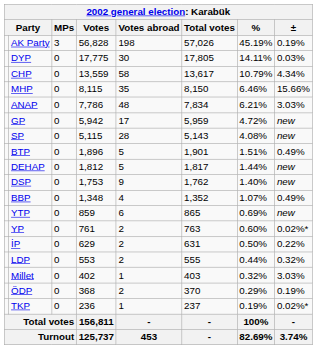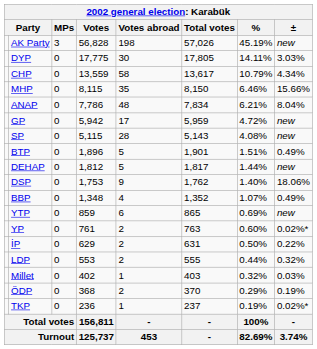 <table class="wikitable sortable">
 <tr>
 <th colspan="8"><a href='#'>2002 general election</a>: Karabük</th>
 </tr>
 <tr>
 <th colspan="2">Party</th>
 <th>MPs</th>
 <th>Votes</th>
 <th>Votes abroad</th>
 <th>Total votes</th>
 <th>%</th>
 <th>±</th>
 </tr>
 <tr>
 <td style="background:"></td>
 <td><a href='#'>AK Party</a></td>
 <td>3</td>
 <td>56,828</td>
 <td>198</td>
 <td>57,026</td>
 <td>45.19%</td>
-<td>0.19%</td>
+<td><em>new</em></td>
 </tr>
 <tr>
 <td style="background:"></td>
 <td><a href='#'>DYP</a></td>
 <td>0</td>
 <td>17,775</td>
 <td>30</td>
 <td>17,805</td>
 <td>14.11%</td>
-<td>0.03%</td>
+<td>3.03%</td>
 </tr>
 <tr>
 <td style="background:"></td>
 <td><a href='#'>CHP</a></td>
 <td>0</td>
 <td>13,559</td>
 <td>58</td>
 <td>13,617</td>
 <td>10.79%</td>
 <td>4.34%</td>
 </tr>
 <tr>
 <td style="background:"></td>
 <td><a href='#'>MHP</a></td>
 <td>0</td>
 <td>8,115</td>
 <td>35</td>
 <td>8,150</td>
 <td>6.46%</td>
 <td>15.66%</td>
 </tr>
 <tr>
 <td style="background:"></td>
 <td><a href='#'>ANAP</a></td>
 <td>0</td>
 <td>7,786</td>
 <td>48</td>
 <td>7,834</td>
 <td>6.21%</td>
-<td>3.03%</td>
+<td>8.04%</td>
 </tr>
 <tr>
 <td style="background:"></td>
 <td><a href='#'>GP</a></td>
 <td>0</td>
 <td>5,942</td>
 <td>17</td>
 <td>5,959</td>
 <td>4.72%</td>
 <td><em>new</em></td>
 </tr>
 <tr>
 <td style="background:"></td>
 <td><a href='#'>SP</a></td>
 <td>0</td>
 <td>5,115</td>
 <td>28</td>
 <td>5,143</td>
 <td>4.08%</td>
 <td><em>new</em></td>
 </tr>
 <tr>
 <td style="background:"></td>
 <td><a href='#'>BTP</a></td>
 <td>0</td>
 <td>1,896</td>
 <td>5</td>
 <td>1,901</td>
 <td>1.51%</td>
 <td>0.49%</td>
 </tr>
 <tr>
 <td style="background:"></td>
 <td><a href='#'>DEHAP</a></td>
 <td>0</td>
 <td>1,812</td>
 <td>5</td>
 <td>1,817</td>
 <td>1.44%</td>
 <td><em>new</em></td>
 </tr>
 <tr>
 <td style="background:"></td>
 <td><a href='#'>DSP</a></td>
 <td>0</td>
 <td>1,753</td>
 <td>9</td>
 <td>1,762</td>
 <td>1.40%</td>
-<td><em>new</em></td>
+<td>18.06%</td>
 </tr>
 <tr>
 <td style="background:"></td>
 <td><a href='#'>BBP</a></td>
 <td>0</td>
 <td>1,348</td>
 <td>4</td>
 <td>1,352</td>
 <td>1.07%</td>
 <td>0.49%</td>
 </tr>
 <tr>
 <td style="background:"></td>
 <td><a href='#'>YTP</a></td>
 <td>0</td>
 <td>859</td>
 <td>6</td>
 <td>865</td>
 <td>0.69%</td>
 <td><em>new</em></td>
 </tr>
 <tr>
 <td style="background:"></td>
 <td><a href='#'>YP</a></td>
 <td>0</td>
 <td>761</td>
 <td>2</td>
 <td>763</td>
 <td>0.60%</td>
 <td>0.02%*</td>
 </tr>
 <tr>
 <td style="background:"></td>
 <td><a href='#'>İP</a></td>
 <td>0</td>
 <td>629</td>
 <td>2</td>
 <td>631</td>
 <td>0.50%</td>
 <td>0.22%</td>
 </tr>
 <tr>
 <td style="background:"></td>
 <td><a href='#'>LDP</a></td>
 <td>0</td>
 <td>553</td>
 <td>2</td>
 <td>555</td>
 <td>0.44%</td>
 <td>0.32%</td>
 </tr>
 <tr>
 <td style="background:"></td>
 <td><a href='#'>Millet</a></td>
 <td>0</td>
 <td>402</td>
 <td>1</td>
 <td>403</td>
 <td>0.32%</td>
-<td>3.03%</td>
+<td>0.03%</td>
 </tr>
 <tr>
 <td style="background:"></td>
 <td><a href='#'>ÖDP</a></td>
 <td>0</td>
 <td>368</td>
 <td>2</td>
 <td>370</td>
 <td>0.29%</td>
 <td>0.19%</td>
 </tr>
 <tr>
 <td style="background:"></td>
 <td><a href='#'>TKP</a></td>
 <td>0</td>
 <td>236</td>
 <td>1</td>
 <td>237</td>
 <td>0.19%</td>
 <td>0.02%*</td>
 </tr>
 <tr>
 <th colspan="3" style="text-align:right">Total votes</th>
 <th>156,811</th>
 <th>-</th>
 <th>-</th>
 <th>100%</th>
 <th>-</th>
 </tr>
 <tr>
 <th colspan="3" style="text-align:right">Turnout</th>
 <th>125,737</th>
 <th>453</th>
 <th>-</th>
 <th>82.69%</th>
 <th>3.74%</th>
 </tr>
 </table>
